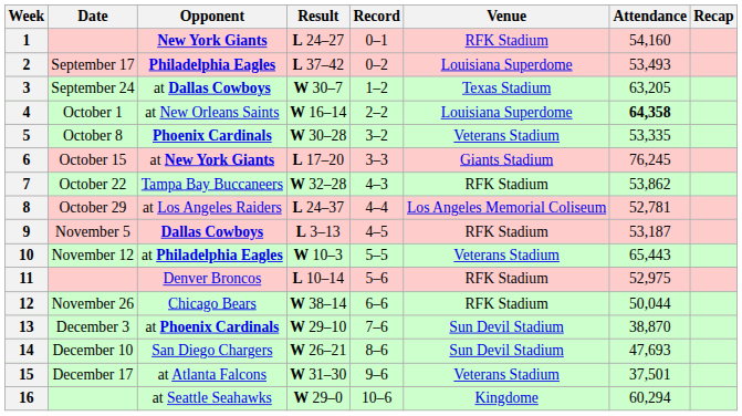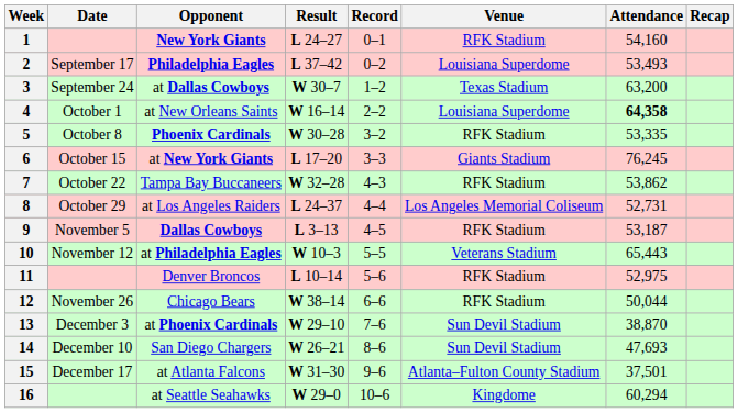 <table class="wikitable" style="text-align:center">
 <tr>
 <th>Week</th>
 <th>Date</th>
 <th>Opponent</th>
 <th>Result</th>
 <th>Record</th>
 <th>Venue</th>
 <th>Attendance</th>
 <th>Recap</th>
 </tr>
 <tr style="background:#fcc">
 <th>1</th>
 <td></td>
 <td><strong><a href='#'>New York Giants</a></strong></td>
 <td><strong>L</strong> 24–27</td>
 <td>0–1</td>
 <td><a href='#'>RFK Stadium</a></td>
 <td>54,160</td>
 <td></td>
 </tr>
 <tr style="background:#fcc">
 <th>2</th>
 <td>September 17</td>
 <td><strong><a href='#'>Philadelphia Eagles</a></strong></td>
 <td><strong>L</strong> 37–42</td>
 <td>0–2</td>
 <td><a href='#'>Louisiana Superdome</a></td>
 <td>53,493</td>
 <td></td>
 </tr>
 <tr style="background:#cfc">
 <th>3</th>
 <td>September 24</td>
 <td>at <strong><a href='#'>Dallas Cowboys</a></strong></td>
 <td><strong>W</strong> 30–7</td>
 <td>1–2</td>
 <td><a href='#'>Texas Stadium</a></td>
-<td>63,205</td>
+<td>63,200</td>
 <td></td>
 </tr>
 <tr style="background:#cfc">
 <th>4</th>
 <td>October 1</td>
 <td>at <a href='#'>New Orleans Saints</a></td>
 <td><strong>W</strong> 16–14</td>
 <td>2–2</td>
 <td><a href='#'>Louisiana Superdome</a></td>
 <td><strong>64,358</strong></td>
 <td></td>
 </tr>
 <tr style="background:#cfc">
 <th>5</th>
 <td>October 8</td>
 <td><strong><a href='#'>Phoenix Cardinals</a></strong></td>
 <td><strong>W</strong> 30–28</td>
 <td>3–2</td>
-<td><a href='#'>Veterans Stadium</a></td>
+<td>RFK Stadium</td>
 <td>53,335</td>
 <td></td>
 </tr>
 <tr style="background:#fcc">
 <th>6</th>
 <td>October 15</td>
 <td>at <strong><a href='#'>New York Giants</a></strong></td>
 <td><strong>L</strong> 17–20</td>
 <td>3–3</td>
 <td><a href='#'>Giants Stadium</a></td>
 <td>76,245</td>
 <td></td>
 </tr>
 <tr style="background:#cfc">
 <th>7</th>
 <td>October 22</td>
 <td><a href='#'>Tampa Bay Buccaneers</a></td>
 <td><strong>W</strong> 32–28</td>
 <td>4–3</td>
 <td>RFK Stadium</td>
 <td>53,862</td>
 <td></td>
 </tr>
 <tr style="background:#fcc">
 <th>8</th>
 <td>October 29</td>
 <td>at <a href='#'>Los Angeles Raiders</a></td>
 <td><strong>L</strong> 24–37</td>
 <td>4–4</td>
 <td><a href='#'>Los Angeles Memorial Coliseum</a></td>
-<td>52,781</td>
+<td>52,731</td>
 <td></td>
 </tr>
 <tr style="background:#fcc">
 <th>9</th>
 <td>November 5</td>
 <td><strong><a href='#'>Dallas Cowboys</a></strong></td>
 <td><strong>L</strong> 3–13</td>
 <td>4–5</td>
 <td>RFK Stadium</td>
 <td>53,187</td>
 <td></td>
 </tr>
 <tr style="background:#cfc">
 <th>10</th>
 <td>November 12</td>
 <td>at <strong><a href='#'>Philadelphia Eagles</a></strong></td>
 <td><strong>W</strong> 10–3</td>
 <td>5–5</td>
 <td><a href='#'>Veterans Stadium</a></td>
 <td>65,443</td>
 <td></td>
 </tr>
 <tr style="background:#fcc">
 <th>11</th>
 <td></td>
 <td><a href='#'>Denver Broncos</a></td>
 <td><strong>L</strong> 10–14</td>
 <td>5–6</td>
 <td>RFK Stadium</td>
 <td>52,975</td>
 <td></td>
 </tr>
 <tr style="background:#cfc">
 <th>12</th>
 <td>November 26</td>
 <td><a href='#'>Chicago Bears</a></td>
 <td><strong>W</strong> 38–14</td>
 <td>6–6</td>
 <td>RFK Stadium</td>
 <td>50,044</td>
 <td></td>
 </tr>
 <tr style="background:#cfc">
 <th>13</th>
 <td>December 3</td>
 <td>at <strong><a href='#'>Phoenix Cardinals</a></strong></td>
 <td><strong>W</strong> 29–10</td>
 <td>7–6</td>
 <td><a href='#'>Sun Devil Stadium</a></td>
 <td>38,870</td>
 <td></td>
 </tr>
 <tr style="background:#cfc">
 <th>14</th>
 <td>December 10</td>
 <td><a href='#'>San Diego Chargers</a></td>
 <td><strong>W</strong> 26–21</td>
 <td>8–6</td>
 <td><a href='#'>Sun Devil Stadium</a></td>
 <td>47,693</td>
 <td></td>
 </tr>
 <tr style="background:#cfc">
 <th>15</th>
 <td>December 17</td>
 <td>at <a href='#'>Atlanta Falcons</a></td>
 <td><strong>W</strong> 31–30</td>
 <td>9–6</td>
-<td><a href='#'>Veterans Stadium</a></td>
+<td><a href='#'>Atlanta–Fulton County Stadium</a></td>
 <td>37,501</td>
 <td></td>
 </tr>
 <tr style="background:#cfc">
 <th>16</th>
 <td></td>
 <td>at <a href='#'>Seattle Seahawks</a></td>
 <td><strong>W</strong> 29–0</td>
 <td>10–6</td>
 <td><a href='#'>Kingdome</a></td>
 <td>60,294</td>
 <td></td>
 </tr>
 </table>
